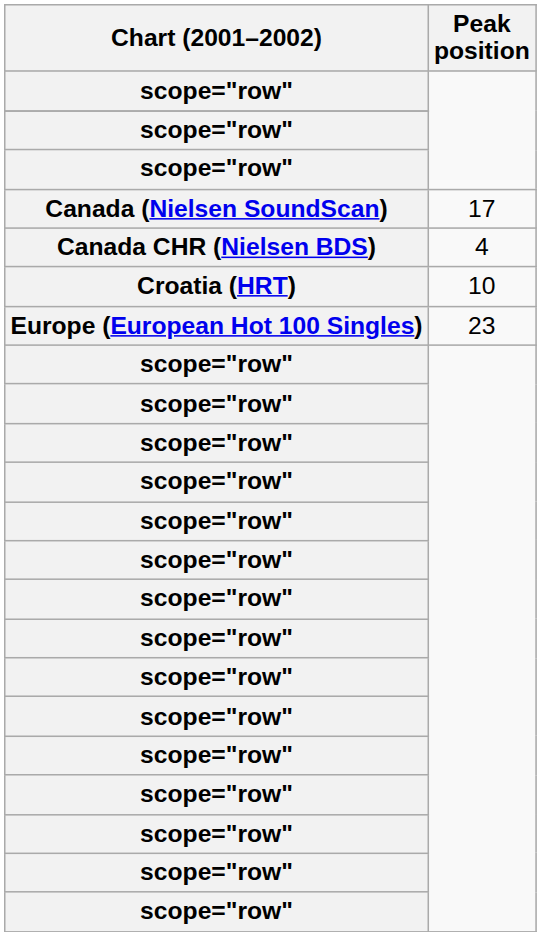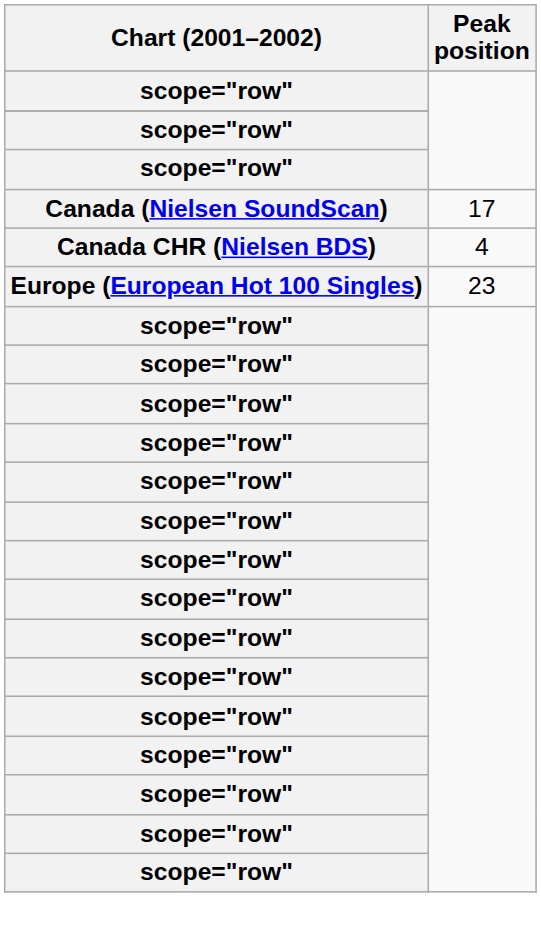 <table class="wikitable sortable plainrowheaders" style="text-align:center">
 <tr>
 <th scope="col">Chart (2001–2002)</th>
 <th scope="col">Peak<br>position</th>
 </tr>
 <tr>
 <th>scope="row"</th>
 </tr>
 <tr>
 </tr>
 <tr>
 <th>scope="row"</th>
 </tr>
 <tr>
 <th>scope="row"</th>
 </tr>
 <tr>
 <th scope=row>Canada (<a href='#'>Nielsen SoundScan</a>)</th>
 <td align="center">17</td>
 </tr>
 <tr>
 <th scope="row">Canada CHR (<a href='#'>Nielsen BDS</a>)</th>
 <td style="text-align:center">4</td>
-</tr>
-<tr>
-<th scope="row">Croatia (<a href='#'>HRT</a>)</th>
-<td align="center">10</td>
 </tr>
 <tr>
 <th scope=row>Europe (<a href='#'>European Hot 100 Singles</a>)</th>
 <td align="center">23</td>
 </tr>
 <tr>
 <th>scope="row"</th>
 </tr>
 <tr>
 <th>scope="row"</th>
 </tr>
 <tr>
 <th>scope="row"</th>
 </tr>
 <tr>
 <th>scope="row"</th>
 </tr>
 <tr>
 <th>scope="row"</th>
 </tr>
 <tr>
 <th>scope="row"</th>
 </tr>
 <tr>
 <th>scope="row"</th>
 </tr>
 <tr>
 <th>scope="row"</th>
 </tr>
 <tr>
 <th>scope="row"</th>
 </tr>
 <tr>
 <th>scope="row"</th>
 </tr>
 <tr>
 <th>scope="row"</th>
 </tr>
 <tr>
 <th>scope="row"</th>
 </tr>
 <tr>
 <th>scope="row"</th>
 </tr>
 <tr>
 <th>scope="row"</th>
 </tr>
 <tr>
 <th>scope="row"</th>
 </tr>
 </table>
